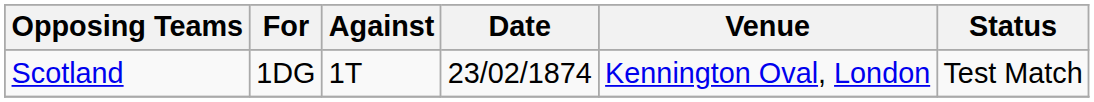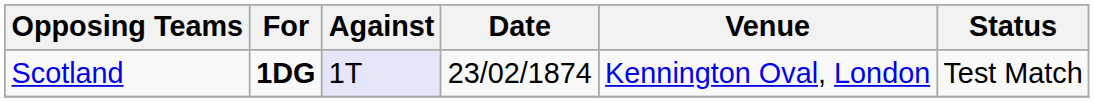 <table class="wikitable">
 <tr>
 <th>Opposing Teams</th>
 <th>For</th>
 <th>Against</th>
 <th>Date</th>
 <th>Venue</th>
 <th>Status</th>
 </tr>
 <tr>
 <td><a href='#'>Scotland</a></td>
-<td>1DG</td>
-<td>1T</td>
+<td><strong>1DG</strong></td>
+<td style="background: lavender;">1T</td>
 <td>23/02/1874</td>
 <td><a href='#'>Kennington Oval</a>, <a href='#'>London</a></td>
 <td>Test Match</td>
 </tr>
 <tr>
 </tr>
 </table>
